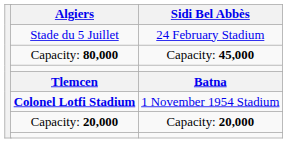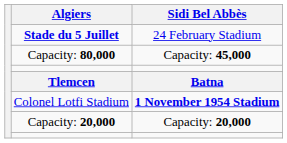 <table class="wikitable" style="margin:1em auto; text-align:center">
 <tr>
 <th rowspan="8" colspan="2"></th>
 <th colspan=><a href='#'>Algiers</a></th>
 <th><a href='#'>Sidi Bel Abbès</a></th>
 </tr>
 <tr>
-<td><a href='#'>Stade du 5 Juillet</a></td>
+<td><strong><a href='#'>Stade du 5 Juillet</a></strong></td>
 <td><a href='#'>24 February Stadium</a></td>
 </tr>
 <tr>
 <td>Capacity: <strong>80,000</strong></td>
 <td>Capacity: <strong>45,000</strong></td>
 </tr>
 <tr>
 <td></td>
 <td></td>
 </tr>
 <tr>
 <th><a href='#'>Tlemcen</a></th>
 <th><a href='#'>Batna</a></th>
 </tr>
 <tr>
-<td><strong><a href='#'>Colonel Lotfi Stadium</a></strong></td>
-<td><a href='#'>1 November 1954 Stadium</a></td>
+<td><a href='#'>Colonel Lotfi Stadium</a></td>
+<td><strong><a href='#'>1 November 1954 Stadium</a></strong></td>
 </tr>
 <tr>
 <td>Capacity: <strong>20,000</strong></td>
 <td>Capacity: <strong>20,000</strong></td>
 </tr>
 <tr>
 <td></td>
 <td></td>
 </tr>
 </table>
